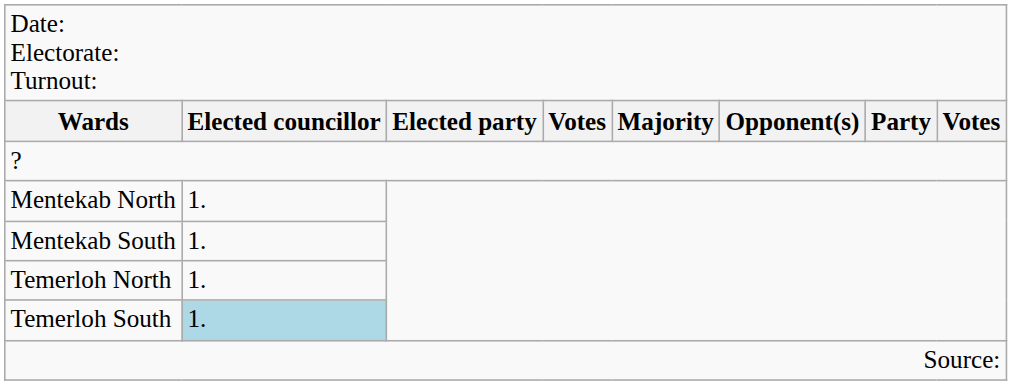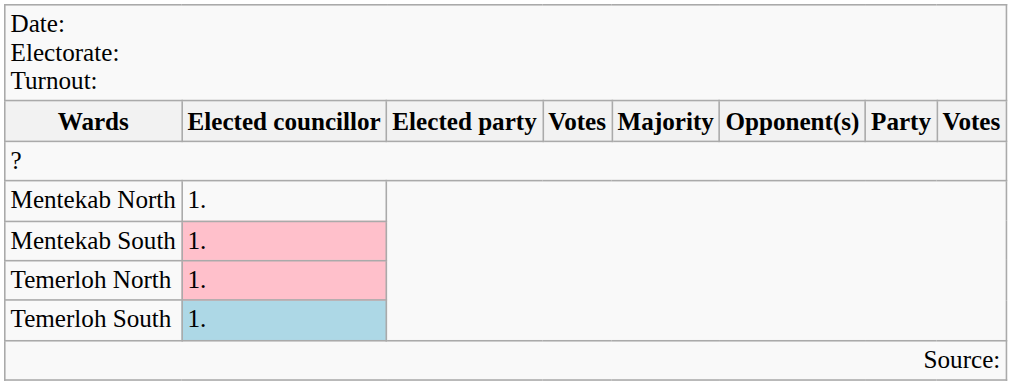 <table class=wikitable>
 <tr>
 <td colspan=8>Date: <br>Electorate: <br>Turnout:</td>
 </tr>
 <tr>
 <th>Wards</th>
 <th>Elected councillor</th>
 <th>Elected party</th>
 <th>Votes</th>
 <th>Majority</th>
 <th>Opponent(s)</th>
 <th>Party</th>
 <th>Votes</th>
 </tr>
 <tr>
 <td colspan=8>? </td>
 </tr>
 <tr>
 <td>Mentekab North</td>
 <td>1.</td>
 </tr>
 <tr>
 <td>Mentekab South</td>
-<td>1.</td>
+<td style="background: pink;">1.</td>
 </tr>
 <tr>
 <td>Temerloh North</td>
-<td>1.</td>
+<td style="background: pink;">1.</td>
 </tr>
 <tr>
 <td>Temerloh South</td>
 <td style="background: lightblue;">1.</td>
 </tr>
 <tr>
 <td colspan=8 align=right>Source:</td>
 </tr>
 </table>
